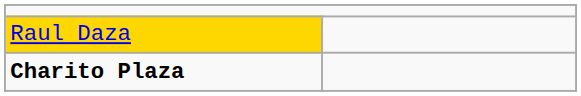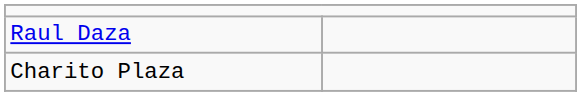 <table class=wikitable style="font-size:90%" width=300px>
 <tr>
 <td colspan=4 bgcolor=></td>
 </tr>
 <tr>
-<td width=160px style="background: gold;"><a href='#'>Raul Daza</a></td>
+<td width=160px><a href='#'>Raul Daza</a></td>
 <td></td>
 </tr>
 <tr>
-<td><strong>Charito Plaza</strong></td>
+<td>Charito Plaza</td>
 <td></td>
 </tr>
 </table>
